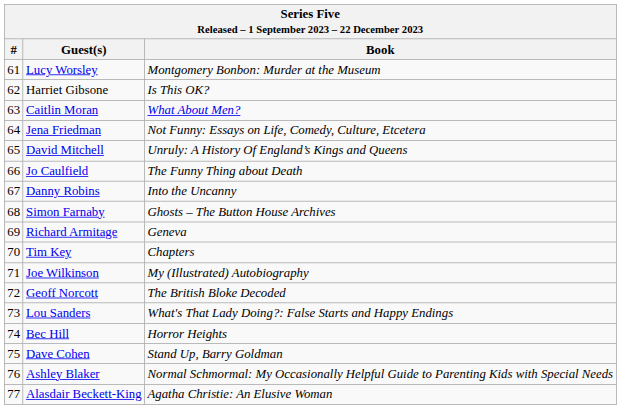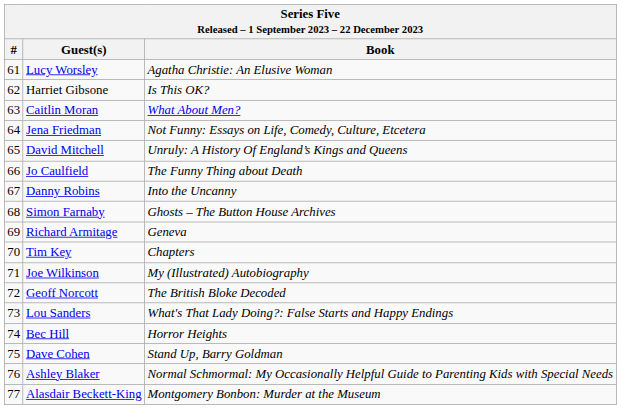 <table class="wikitable">
 <tr>
 <th colspan="3">Series Five<br><small>Released – 1 September 2023 – 22 December 2023</small></th>
 </tr>
 <tr>
 <th>#</th>
 <th>Guest(s)</th>
 <th>Book</th>
 </tr>
 <tr>
 <td>61</td>
 <td><a href='#'>Lucy Worsley</a></td>
-<td><em>Montgomery Bonbon: Murder at the Museum</em></td>
+<td><em>Agatha Christie: An Elusive Woman</em></td>
 </tr>
 <tr>
 <td>62</td>
 <td>Harriet Gibsone</td>
 <td><em>Is This OK?</em></td>
 </tr>
 <tr>
 <td>63</td>
 <td><a href='#'>Caitlin Moran</a></td>
 <td><em><a href='#'>What About Men?</a></em></td>
 </tr>
 <tr>
 <td>64</td>
 <td><a href='#'>Jena Friedman</a></td>
 <td><em>Not Funny: Essays on Life, Comedy, Culture, Etcetera</em></td>
 </tr>
 <tr>
 <td>65</td>
 <td><a href='#'>David Mitchell</a></td>
 <td><em>Unruly: A History Of England’s Kings and Queens</em></td>
 </tr>
 <tr>
 <td>66</td>
 <td><a href='#'>Jo Caulfield</a></td>
 <td><em>The Funny Thing about Death</em></td>
 </tr>
 <tr>
 <td>67</td>
 <td><a href='#'>Danny Robins</a></td>
 <td><em>Into the Uncanny</em></td>
 </tr>
 <tr>
 <td>68</td>
 <td><a href='#'>Simon Farnaby</a></td>
 <td><em>Ghosts – The Button House Archives</em></td>
 </tr>
 <tr>
 <td>69</td>
 <td><a href='#'>Richard Armitage</a></td>
 <td><em>Geneva</em></td>
 </tr>
 <tr>
 <td>70</td>
 <td><a href='#'>Tim Key</a></td>
 <td><em>Chapters</em></td>
 </tr>
 <tr>
 <td>71</td>
 <td><a href='#'>Joe Wilkinson</a></td>
 <td><em>My (Illustrated) Autobiography</em></td>
 </tr>
 <tr>
 <td>72</td>
 <td><a href='#'>Geoff Norcott</a></td>
 <td><em>The British Bloke Decoded</em></td>
 </tr>
 <tr>
 <td>73</td>
 <td><a href='#'>Lou Sanders</a></td>
 <td><em> What's That Lady Doing?: False Starts and Happy Endings</em></td>
 </tr>
 <tr>
 <td>74</td>
 <td><a href='#'>Bec Hill</a></td>
 <td><em>Horror Heights</em></td>
 </tr>
 <tr>
 <td>75</td>
 <td><a href='#'>Dave Cohen</a></td>
 <td><em>Stand Up, Barry Goldman</em></td>
 </tr>
 <tr>
 <td>76</td>
 <td><a href='#'>Ashley Blaker</a></td>
 <td><em>Normal Schmormal: My Occasionally Helpful Guide to Parenting Kids with Special Needs</em></td>
 </tr>
 <tr>
 <td>77</td>
 <td><a href='#'>Alasdair Beckett-King</a></td>
-<td><em>Agatha Christie: An Elusive Woman</em></td>
+<td><em>Montgomery Bonbon: Murder at the Museum</em></td>
 </tr>
 </table>
